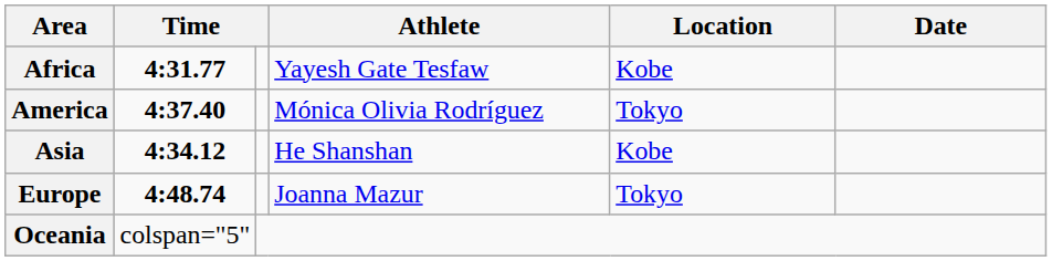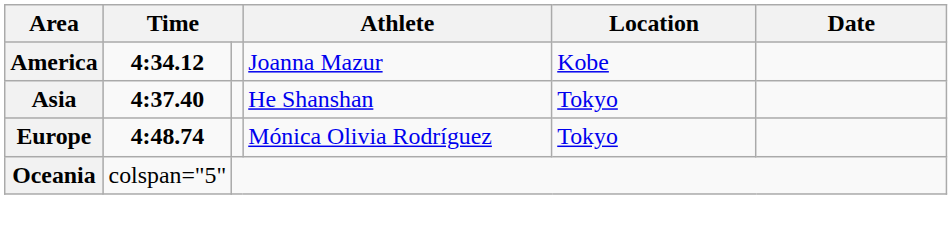 <table class="wikitable">
 <tr>
 <th width="45">Area</th>
 <th width="80" colspan="2">Time</th>
 <th width="200">Athlete</th>
 <th width="130">Location</th>
 <th width="120">Date</th>
 </tr>
 <tr>
-<th>Africa</th>
-<td align="center"><strong>4:31.77</strong></td>
-<td align="center"><strong></strong></td>
-<td> <a href='#'>Yayesh Gate Tesfaw</a></td>
+<th>America</th>
+<td align="center"><strong>4:34.12</strong></td>
+<td align="center"></td>
+<td> <a href='#'>Joanna Mazur</a></td>
 <td> <a href='#'>Kobe</a></td>
 <td align="right"></td>
 </tr>
 <tr>
-<th>America</th>
+<th>Asia</th>
 <td align="center"><strong>4:37.40</strong></td>
 <td align="center"></td>
-<td> <a href='#'>Mónica Olivia Rodríguez</a></td>
+<td> <a href='#'>He Shanshan</a></td>
 <td> <a href='#'>Tokyo</a></td>
-<td align="right"></td>
-</tr>
-<tr>
-<th>Asia</th>
-<td align="center"><strong>4:34.12</strong></td>
-<td align="center"></td>
-<td> <a href='#'>He Shanshan</a></td>
-<td> <a href='#'>Kobe</a></td>
 <td align="right"></td>
 </tr>
 <tr>
 <th>Europe</th>
 <td align="center"><strong>4:48.74</strong></td>
 <td align="center"></td>
-<td> <a href='#'>Joanna Mazur</a></td>
+<td> <a href='#'>Mónica Olivia Rodríguez</a></td>
 <td> <a href='#'>Tokyo</a></td>
 <td align="right"></td>
 </tr>
 <tr>
 <th>Oceania</th>
 <td>colspan="5" </td>
 </tr>
 </table>
